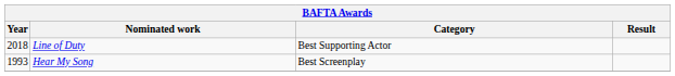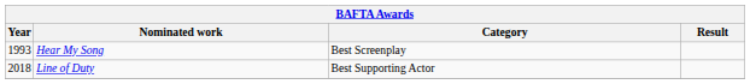 <table class="wikitable">
 <tr>
 <th colspan="4"><a href='#'>BAFTA Awards</a></th>
 </tr>
 <tr>
 <th scope="col" style="width:1em;">Year</th>
 <th scope="col" style="width:25em;">Nominated work</th>
 <th scope="col" style="width:30em;">Category</th>
 <th scope="col" style="width:5em;">Result</th>
 </tr>
 <tr>
+<td>1993</td>
+<td><em><a href='#'>Hear My Song</a></em></td>
+<td>Best Screenplay</td>
+<td></td>
+</tr>
+<tr>
 <td>2018</td>
 <td><em><a href='#'>Line of Duty</a></em></td>
 <td>Best Supporting Actor</td>
 <td></td>
 </tr>
 <tr>
-<td>1993</td>
-<td><em><a href='#'>Hear My Song</a></em></td>
-<td>Best Screenplay</td>
-<td></td>
-</tr>
-<tr>
 </tr>
 </table>
